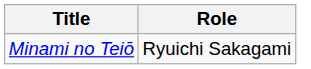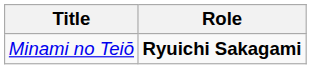 <table class="wikitable">
 <tr>
 <th>Title</th>
 <th>Role</th>
 </tr>
 <tr>
 <td><em><a href='#'>Minami no Teiō</a></em></td>
-<td>Ryuichi Sakagami</td>
+<td><strong>Ryuichi Sakagami</strong></td>
 </tr>
 </table>
